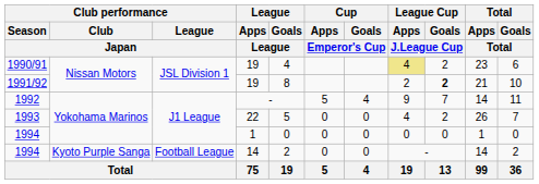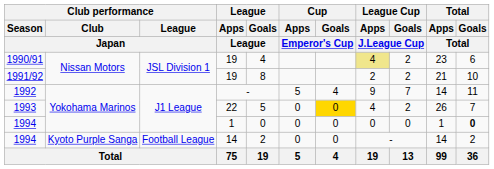 <table class="wikitable" style="text-align:center;">
 <tr>
 <th colspan=3>Club performance</th>
 <th colspan=2>League</th>
 <th colspan=2>Cup</th>
 <th colspan=2>League Cup</th>
 <th colspan=2>Total</th>
 </tr>
 <tr>
 <th>Season</th>
 <th>Club</th>
 <th>League</th>
 <th>Apps</th>
 <th>Goals</th>
 <th>Apps</th>
 <th>Goals</th>
 <th>Apps</th>
 <th>Goals</th>
 <th>Apps</th>
 <th>Goals</th>
 </tr>
 <tr>
 <th colspan=3>Japan</th>
 <th colspan=2>League</th>
 <th colspan=2><a href='#'>Emperor's Cup</a></th>
 <th colspan=2><a href='#'>J.League Cup</a></th>
 <th colspan=2>Total</th>
 </tr>
 <tr>
 <td><a href='#'>1990/91</a></td>
 <td rowspan="2"><a href='#'>Nissan Motors</a></td>
 <td rowspan="2"><a href='#'>JSL Division 1</a></td>
 <td>19</td>
 <td>4</td>
 <td></td>
 <td></td>
 <td style="background: khaki;">4</td>
 <td>2</td>
 <td>23</td>
 <td>6</td>
 </tr>
 <tr>
 <td><a href='#'>1991/92</a></td>
 <td>19</td>
 <td>8</td>
 <td></td>
 <td></td>
 <td>2</td>
-<td><strong>2</strong></td>
+<td>2</td>
 <td>21</td>
 <td>10</td>
 </tr>
 <tr>
 <td><a href='#'>1992</a></td>
 <td rowspan="3"><a href='#'>Yokohama Marinos</a></td>
 <td rowspan="3"><a href='#'>J1 League</a></td>
 <td colspan="2">-</td>
 <td>5</td>
 <td>4</td>
 <td>9</td>
 <td>7</td>
 <td>14</td>
 <td>11</td>
 </tr>
 <tr>
 <td><a href='#'>1993</a></td>
 <td>22</td>
 <td>5</td>
 <td>0</td>
-<td>0</td>
+<td style="background: gold;">0</td>
 <td>4</td>
 <td>2</td>
 <td>26</td>
 <td>7</td>
 </tr>
 <tr>
 <td><a href='#'>1994</a></td>
 <td>1</td>
 <td>0</td>
 <td>0</td>
 <td>0</td>
 <td>0</td>
 <td>0</td>
 <td>1</td>
-<td>0</td>
+<td><strong>0</strong></td>
 </tr>
 <tr>
 <td><a href='#'>1994</a></td>
 <td><a href='#'>Kyoto Purple Sanga</a></td>
 <td><a href='#'>Football League</a></td>
 <td>14</td>
 <td>2</td>
 <td>0</td>
 <td>0</td>
 <td colspan="2">-</td>
 <td>14</td>
 <td>2</td>
 </tr>
 <tr>
 <th colspan=3>Total</th>
 <th>75</th>
 <th>19</th>
 <th>5</th>
 <th>4</th>
 <th>19</th>
 <th>13</th>
 <th>99</th>
 <th>36</th>
 </tr>
 </table>
